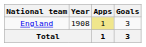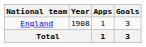 <table class="wikitable" style="text-align:center">
 <tr>
 <th>National team</th>
 <th>Year</th>
 <th>Apps</th>
 <th>Goals</th>
 </tr>
 <tr>
 <td><a href='#'>England</a></td>
 <td>1908</td>
-<td style="background: khaki;">1</td>
+<td>1</td>
 <td>3</td>
 </tr>
 <tr>
 <th colspan="2">Total</th>
 <th>1</th>
 <th>3</th>
 </tr>
 </table>
